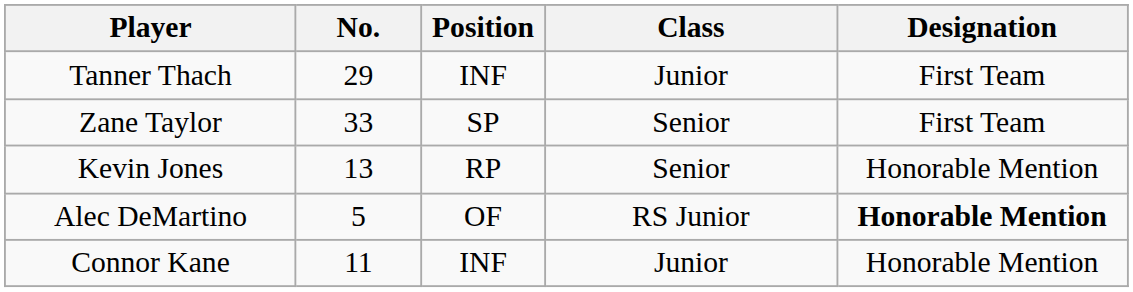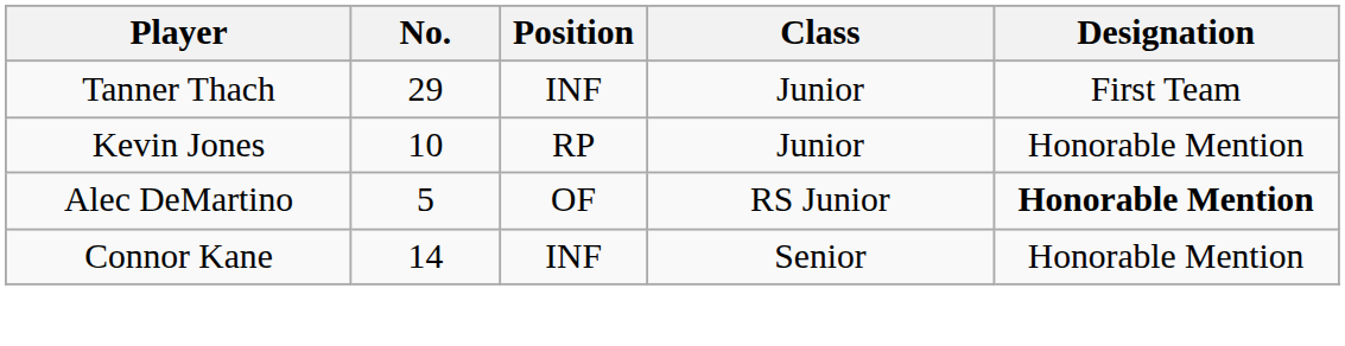 <table class="wikitable" style="text-align:center">
 <tr>
 <th style="width:150px; ">Player</th>
 <th style="width:60px; ">No.</th>
 <th style="width:60px; ">Position</th>
 <th style="width:150px; ">Class</th>
 <th style="width:150px; ">Designation</th>
 </tr>
 <tr>
 <td>Tanner Thach</td>
 <td>29</td>
 <td>INF</td>
 <td>Junior</td>
 <td>First Team</td>
 </tr>
 <tr>
-<td>Zane Taylor</td>
-<td>33</td>
-<td>SP</td>
-<td>Senior</td>
-<td>First Team</td>
-</tr>
-<tr>
 <td>Kevin Jones</td>
-<td>13</td>
+<td>10</td>
 <td>RP</td>
-<td>Senior</td>
+<td>Junior</td>
 <td>Honorable Mention</td>
 </tr>
 <tr>
 <td>Alec DeMartino</td>
 <td>5</td>
 <td>OF</td>
 <td>RS Junior</td>
 <td><strong>Honorable Mention</strong></td>
 </tr>
 <tr>
 <td>Connor Kane</td>
-<td>11</td>
+<td>14</td>
 <td>INF</td>
-<td>Junior</td>
+<td>Senior</td>
 <td>Honorable Mention</td>
 </tr>
 </table>
